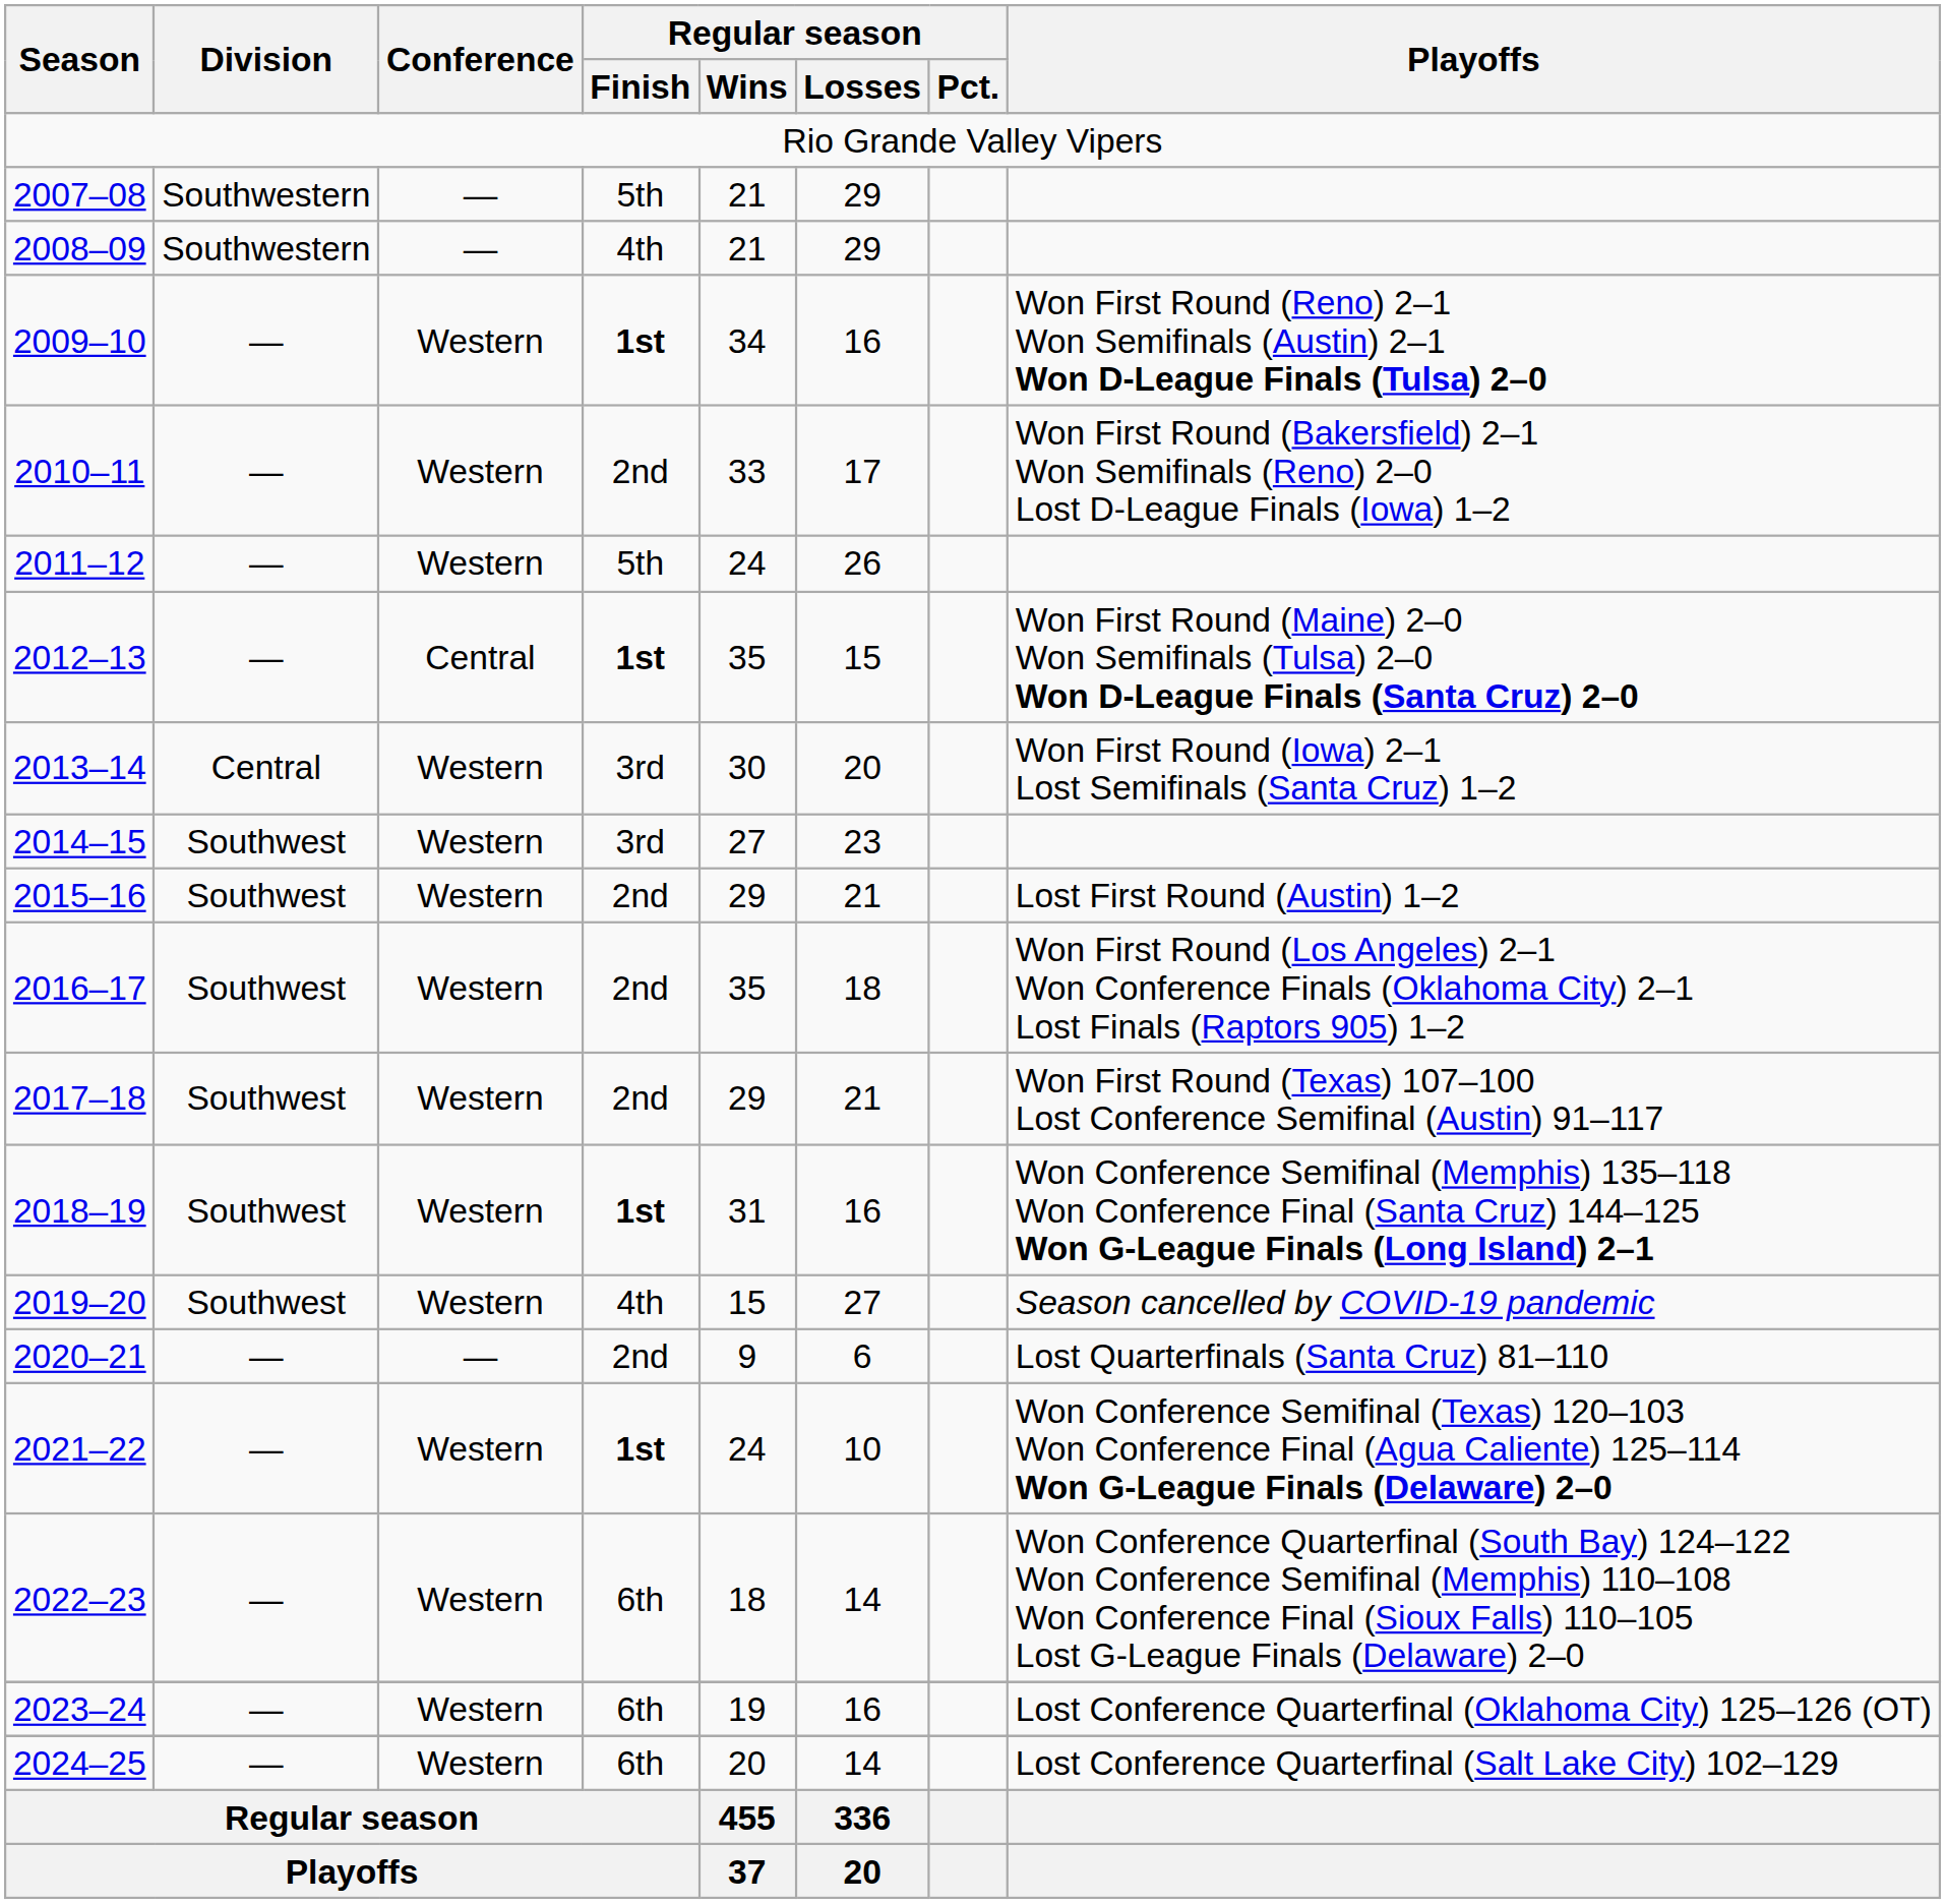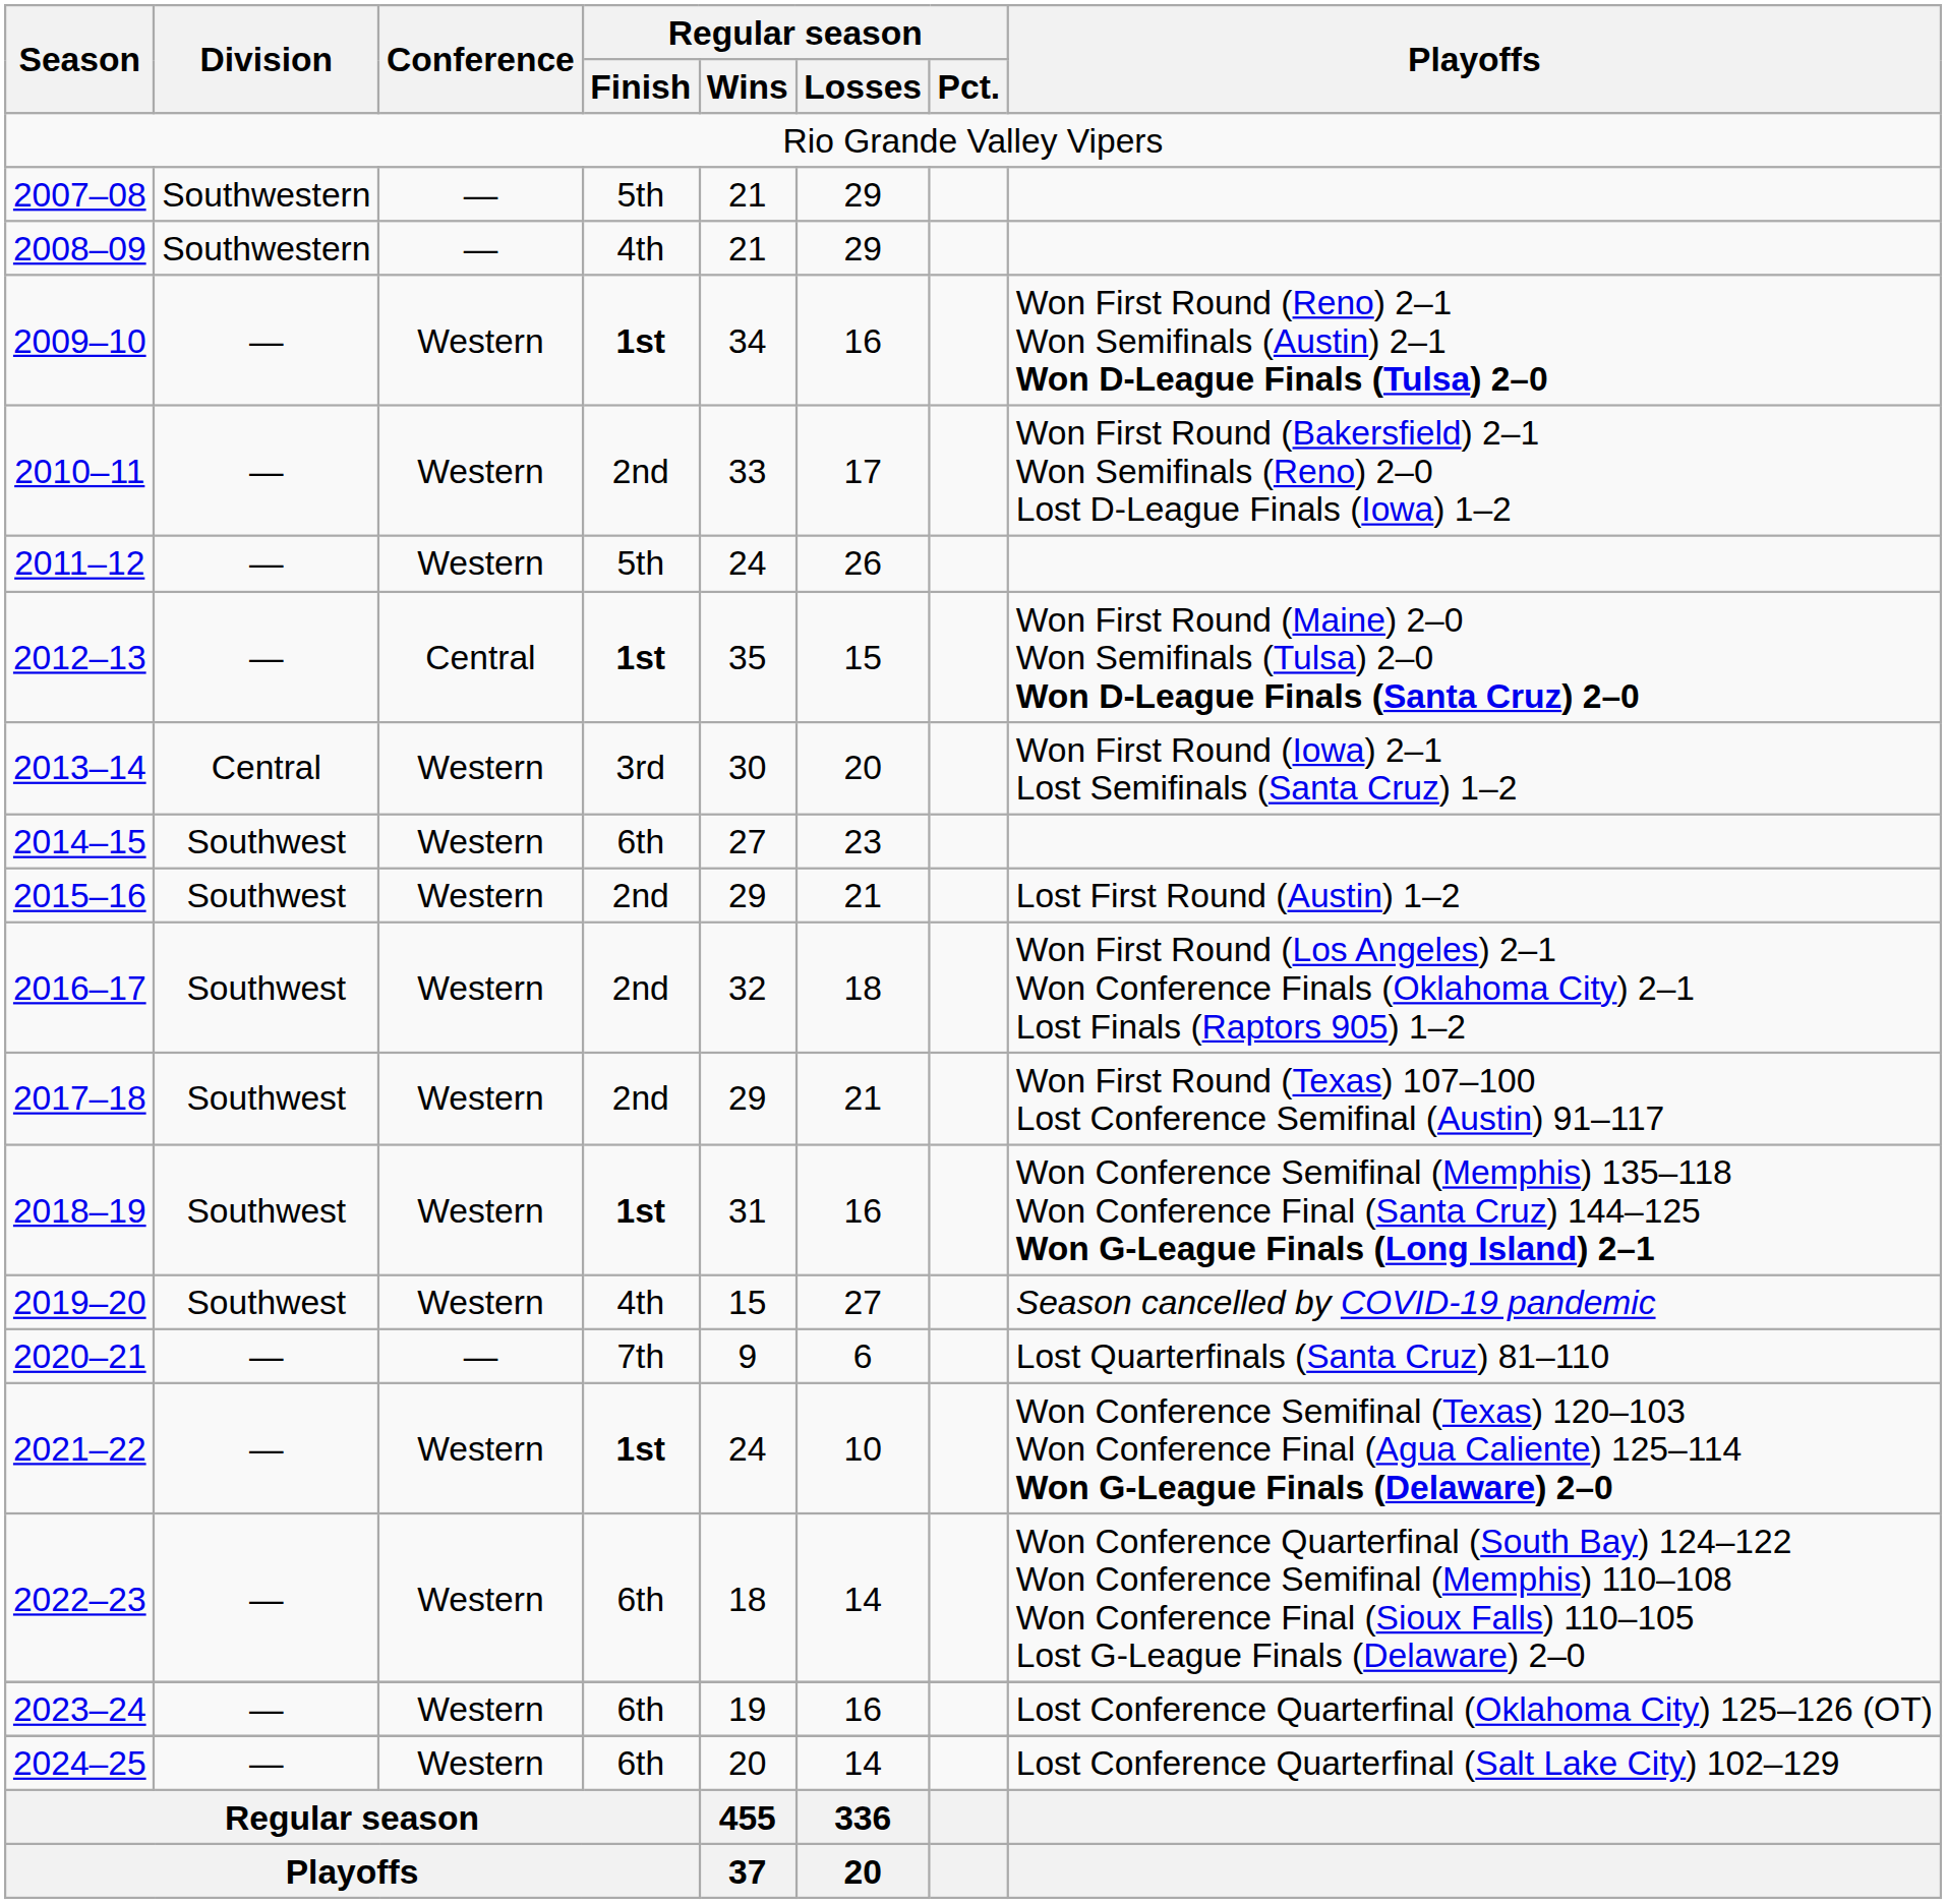 <table class="wikitable" style="font-size:95%; text-align:center">
 <tr>
 <th rowspan=2>Season</th>
 <th rowspan=2>Division</th>
 <th rowspan=2>Conference</th>
 <th colspan=4>Regular season</th>
 <th rowspan=2>Playoffs</th>
 </tr>
 <tr>
 <th>Finish</th>
 <th>Wins</th>
 <th>Losses</th>
 <th>Pct.</th>
 </tr>
 <tr>
 <td colspan=8>Rio Grande Valley Vipers</td>
 </tr>
 <tr>
 <td><a href='#'>2007–08</a></td>
 <td>Southwestern</td>
 <td>—</td>
 <td>5th</td>
 <td>21</td>
 <td>29</td>
 <td></td>
 <td></td>
 </tr>
 <tr>
 <td><a href='#'>2008–09</a></td>
 <td>Southwestern</td>
 <td>—</td>
 <td>4th</td>
 <td>21</td>
 <td>29</td>
 <td></td>
 <td></td>
 </tr>
 <tr>
 <td><a href='#'>2009–10</a></td>
 <td>—</td>
 <td>Western</td>
 <td><strong>1st</strong></td>
 <td>34</td>
 <td>16</td>
 <td></td>
 <td align=left>Won First Round (<a href='#'>Reno</a>) 2–1<br> Won Semifinals (<a href='#'>Austin</a>) 2–1<br> <strong>Won D-League Finals (<a href='#'>Tulsa</a>) 2–0</strong></td>
 </tr>
 <tr>
 <td><a href='#'>2010–11</a></td>
 <td>—</td>
 <td>Western</td>
 <td>2nd</td>
 <td>33</td>
 <td>17</td>
 <td></td>
 <td align=left>Won First Round (<a href='#'>Bakersfield</a>) 2–1<br> Won Semifinals (<a href='#'>Reno</a>) 2–0<br> Lost D-League Finals (<a href='#'>Iowa</a>) 1–2</td>
 </tr>
 <tr>
 <td><a href='#'>2011–12</a></td>
 <td>—</td>
 <td>Western</td>
 <td>5th</td>
 <td>24</td>
 <td>26</td>
 <td></td>
 <td></td>
 </tr>
 <tr>
 <td><a href='#'>2012–13</a></td>
 <td>—</td>
 <td>Central</td>
 <td><strong>1st</strong></td>
 <td>35</td>
 <td>15</td>
 <td></td>
 <td align=left>Won First Round (<a href='#'>Maine</a>) 2–0<br> Won Semifinals (<a href='#'>Tulsa</a>) 2–0<br> <strong>Won D-League Finals (<a href='#'>Santa Cruz</a>) 2–0</strong></td>
 </tr>
 <tr>
 <td><a href='#'>2013–14</a></td>
 <td>Central</td>
 <td>Western</td>
 <td>3rd</td>
 <td>30</td>
 <td>20</td>
 <td></td>
 <td align=left>Won First Round (<a href='#'>Iowa</a>) 2–1<br> Lost Semifinals (<a href='#'>Santa Cruz</a>) 1–2</td>
 </tr>
 <tr>
 <td><a href='#'>2014–15</a></td>
 <td>Southwest</td>
 <td>Western</td>
-<td>3rd</td>
+<td>6th</td>
 <td>27</td>
 <td>23</td>
 <td></td>
 <td></td>
 </tr>
 <tr>
 <td><a href='#'>2015–16</a></td>
 <td>Southwest</td>
 <td>Western</td>
 <td>2nd</td>
 <td>29</td>
 <td>21</td>
 <td></td>
 <td align=left>Lost First Round (<a href='#'>Austin</a>) 1–2</td>
 </tr>
 <tr>
 <td><a href='#'>2016–17</a></td>
 <td>Southwest</td>
 <td>Western</td>
 <td>2nd</td>
-<td>35</td>
+<td>32</td>
 <td>18</td>
 <td></td>
 <td align=left>Won First Round (<a href='#'>Los Angeles</a>) 2–1<br>Won Conference Finals (<a href='#'>Oklahoma City</a>) 2–1<br>Lost Finals (<a href='#'>Raptors 905</a>) 1–2</td>
 </tr>
 <tr>
 <td><a href='#'>2017–18</a></td>
 <td>Southwest</td>
 <td>Western</td>
 <td>2nd</td>
 <td>29</td>
 <td>21</td>
 <td></td>
 <td align=left>Won First Round (<a href='#'>Texas</a>) 107–100<br>Lost Conference Semifinal (<a href='#'>Austin</a>) 91–117</td>
 </tr>
 <tr>
 <td><a href='#'>2018–19</a></td>
 <td>Southwest</td>
 <td>Western</td>
 <td><strong>1st</strong></td>
 <td>31</td>
 <td>16</td>
 <td></td>
 <td align=left>Won Conference Semifinal (<a href='#'>Memphis</a>) 135–118<br>Won Conference Final (<a href='#'>Santa Cruz</a>) 144–125<br><strong>Won G-League Finals (<a href='#'>Long Island</a>) 2–1</strong></td>
 </tr>
 <tr>
 <td><a href='#'>2019–20</a></td>
 <td>Southwest</td>
 <td>Western</td>
 <td>4th</td>
 <td>15</td>
 <td>27</td>
 <td></td>
 <td align=left><em>Season cancelled by <a href='#'>COVID-19 pandemic</a></em></td>
 </tr>
 <tr>
 <td><a href='#'>2020–21</a></td>
 <td>—</td>
 <td>—</td>
-<td>2nd</td>
+<td>7th</td>
 <td>9</td>
 <td>6</td>
 <td></td>
 <td align=left>Lost Quarterfinals (<a href='#'>Santa Cruz</a>) 81–110</td>
 </tr>
 <tr>
 <td><a href='#'>2021–22</a></td>
 <td>—</td>
 <td>Western</td>
 <td><strong>1st</strong></td>
 <td>24</td>
 <td>10</td>
 <td></td>
 <td align=left>Won Conference Semifinal (<a href='#'>Texas</a>) 120–103<br> Won Conference Final (<a href='#'>Agua Caliente</a>) 125–114<br><strong>Won G-League Finals (<a href='#'>Delaware</a>) 2–0</strong></td>
 </tr>
 <tr>
 <td><a href='#'>2022–23</a></td>
 <td>—</td>
 <td>Western</td>
 <td>6th</td>
 <td>18</td>
 <td>14</td>
 <td></td>
 <td align=left>Won Conference Quarterfinal (<a href='#'>South Bay</a>) 124–122<br>Won Conference Semifinal (<a href='#'>Memphis</a>) 110–108<br>Won Conference Final (<a href='#'>Sioux Falls</a>) 110–105<br>Lost G-League Finals (<a href='#'>Delaware</a>) 2–0</td>
 </tr>
 <tr>
 </tr>
 <tr>
 <td><a href='#'>2023–24</a></td>
 <td>—</td>
 <td>Western</td>
 <td>6th</td>
 <td>19</td>
 <td>16</td>
 <td></td>
 <td align=left>Lost Conference Quarterfinal (<a href='#'>Oklahoma City</a>) 125–126 (OT)</td>
 </tr>
 <tr>
 </tr>
 <tr>
 <td><a href='#'>2024–25</a></td>
 <td>—</td>
 <td>Western</td>
 <td>6th</td>
 <td>20</td>
 <td>14</td>
 <td></td>
 <td align=left>Lost Conference Quarterfinal (<a href='#'>Salt Lake City</a>) 102–129</td>
 </tr>
 <tr>
 <th colspan=4>Regular season</th>
 <th>455</th>
 <th>336</th>
 <th></th>
 <th></th>
 </tr>
 <tr>
 <th colspan=4>Playoffs</th>
 <th>37</th>
 <th>20</th>
 <th></th>
 <th></th>
 </tr>
 </table>
